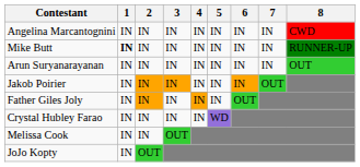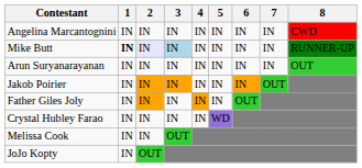 <table class="wikitable">
 <tr>
 <th>Contestant</th>
 <th>1</th>
 <th>2</th>
 <th>3</th>
 <th>4</th>
 <th>5</th>
 <th>6</th>
 <th>7</th>
 <th>8</th>
 </tr>
 <tr>
 <td>Angelina Marcantognini</td>
 <td>IN</td>
 <td>IN</td>
 <td>IN</td>
 <td>IN</td>
 <td>IN</td>
 <td>IN</td>
 <td>IN</td>
 <td style="background-color:red">CWD</td>
 </tr>
 <tr>
 <td>Mike Butt</td>
 <td><strong>IN</strong></td>
-<td>IN</td>
-<td>IN</td>
+<td style="background: lavender;">IN</td>
+<td style="background: lightblue;">IN</td>
 <td>IN</td>
 <td>IN</td>
 <td>IN</td>
 <td>IN</td>
 <td style="background-color:green">RUNNER-UP</td>
 </tr>
 <tr>
 <td>Arun Suryanarayanan</td>
 <td>IN</td>
 <td>IN</td>
 <td>IN</td>
 <td>IN</td>
 <td>IN</td>
 <td>IN</td>
 <td>IN</td>
 <td style="background-color:limegreen">OUT</td>
 </tr>
 <tr>
 <td>Jakob Poirier</td>
 <td>IN</td>
 <td style="background-color:orange">IN</td>
 <td style="background-color:orange">IN</td>
 <td>IN</td>
 <td>IN</td>
 <td style="background-color:orange">IN</td>
 <td style="background-color:limegreen">OUT</td>
 <td style="background-color:gray" colspan="2"></td>
 </tr>
 <tr>
 <td>Father Giles Joly</td>
 <td>IN</td>
 <td style="background-color:orange">IN</td>
 <td>IN</td>
 <td style="background-color:orange">IN</td>
 <td>IN</td>
 <td style="background-color:limegreen">OUT</td>
 <td style="background-color:gray" colspan="3"></td>
 </tr>
 <tr>
 <td>Crystal Hubley Farao</td>
 <td>IN</td>
 <td>IN</td>
 <td>IN</td>
 <td>IN</td>
 <td style="background-color:mediumpurple">WD</td>
 <td style="background-color:gray" colspan="4"></td>
 </tr>
 <tr>
 <td>Melissa Cook</td>
 <td>IN</td>
 <td>IN</td>
 <td style="background-color:limegreen">OUT</td>
 <td style="background-color:gray" colspan="5"></td>
 </tr>
 <tr>
 <td>JoJo Kopty</td>
 <td>IN</td>
 <td style="background-color:limegreen">OUT</td>
 <td style="background-color:gray" colspan="6"></td>
 </tr>
 </table>
